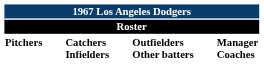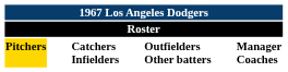 <table class="toccolours" style="font-size: 95%;">
 <tr>
 <th colspan="10" style="background-color: #083c6b; color: white; text-align: center;">1967 Los Angeles Dodgers</th>
 </tr>
 <tr>
 <td colspan="10" style="background-color: black; color: white; text-align: center;"><strong>Roster</strong></td>
 </tr>
 <tr>
-<td valign="top"><strong>Pitchers</strong><br>                        </td>
+<td valign="top" style="background: gold;"><strong>Pitchers</strong><br>                        </td>
 <td width="25px"></td>
 <td valign="top"><strong>Catchers</strong><br>   <strong>Infielders</strong>         </td>
 <td width="25px"></td>
 <td valign="top"><strong>Outfielders</strong><br>       <strong>Other batters</strong> </td>
 <td width="25px"></td>
 <td valign="top"><strong>Manager</strong><br> <strong>Coaches</strong>     </td>
 </tr>
 </table>
